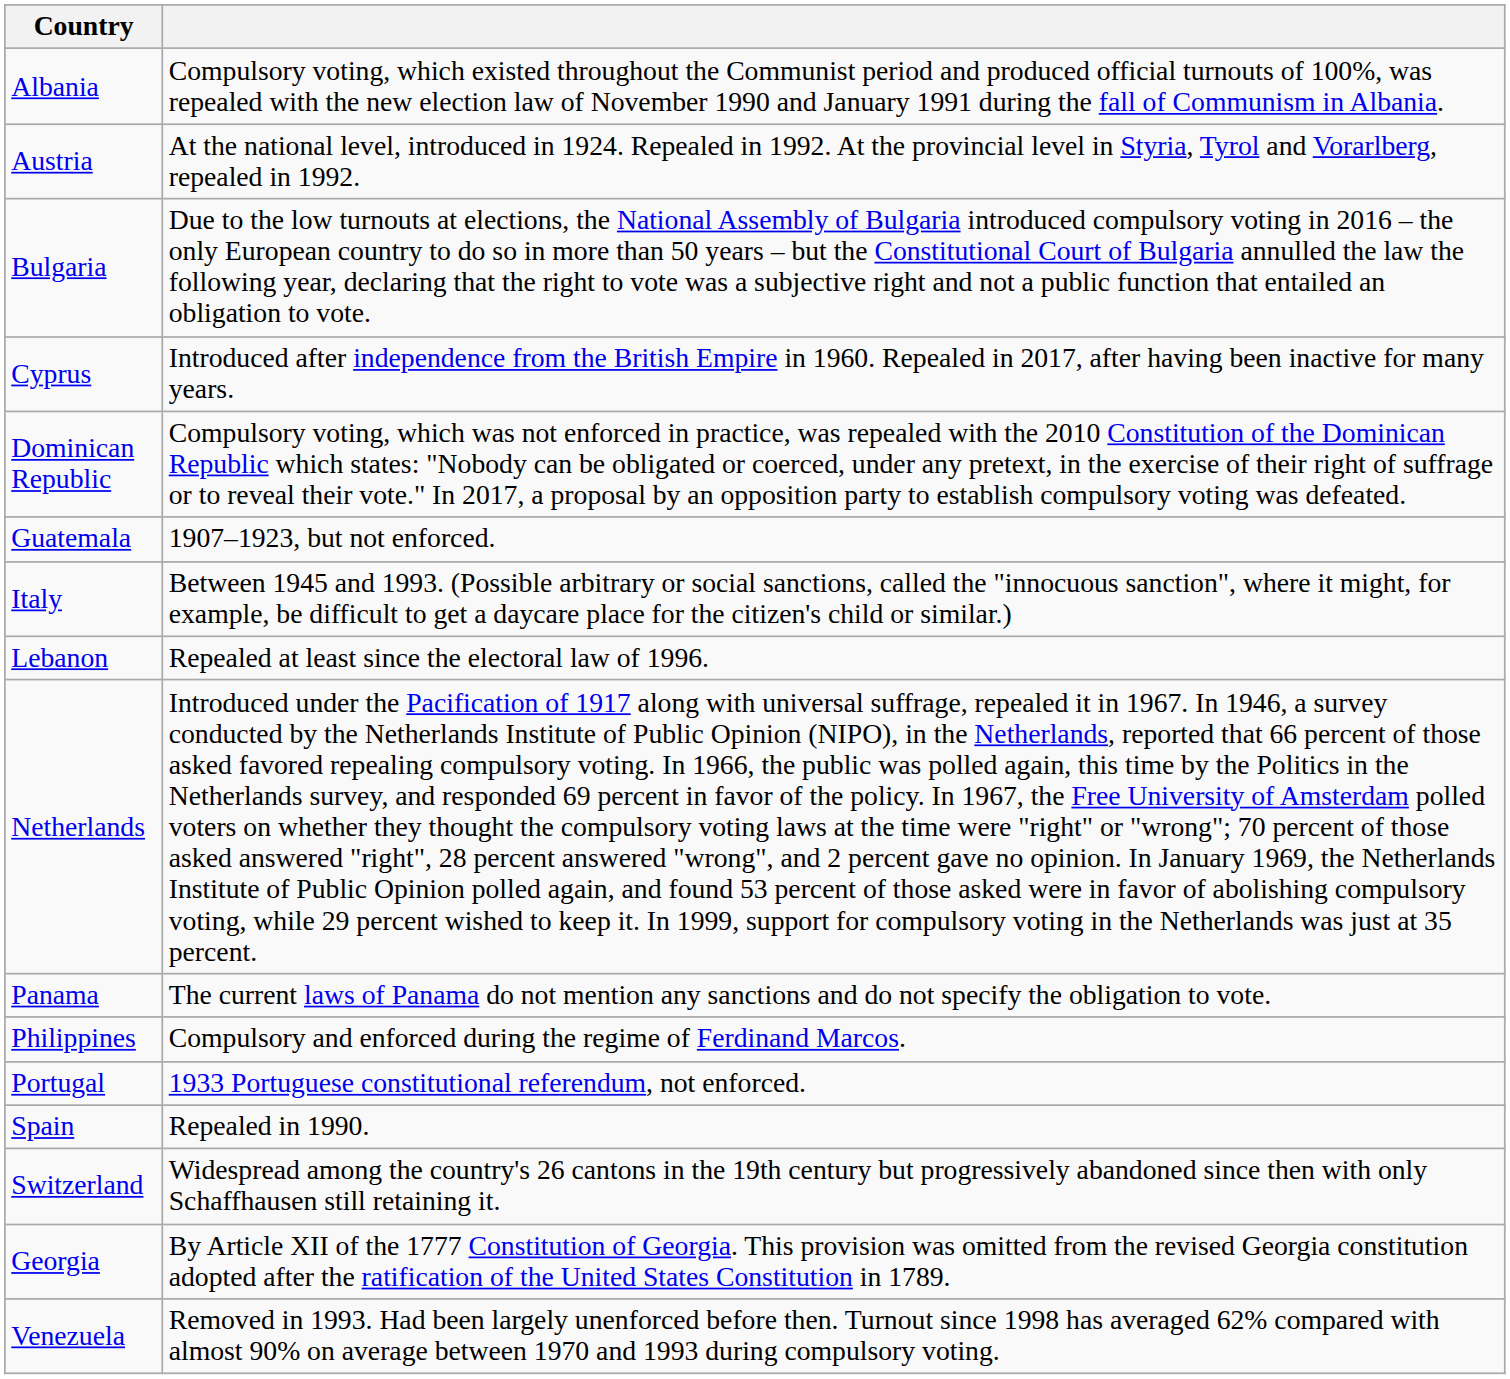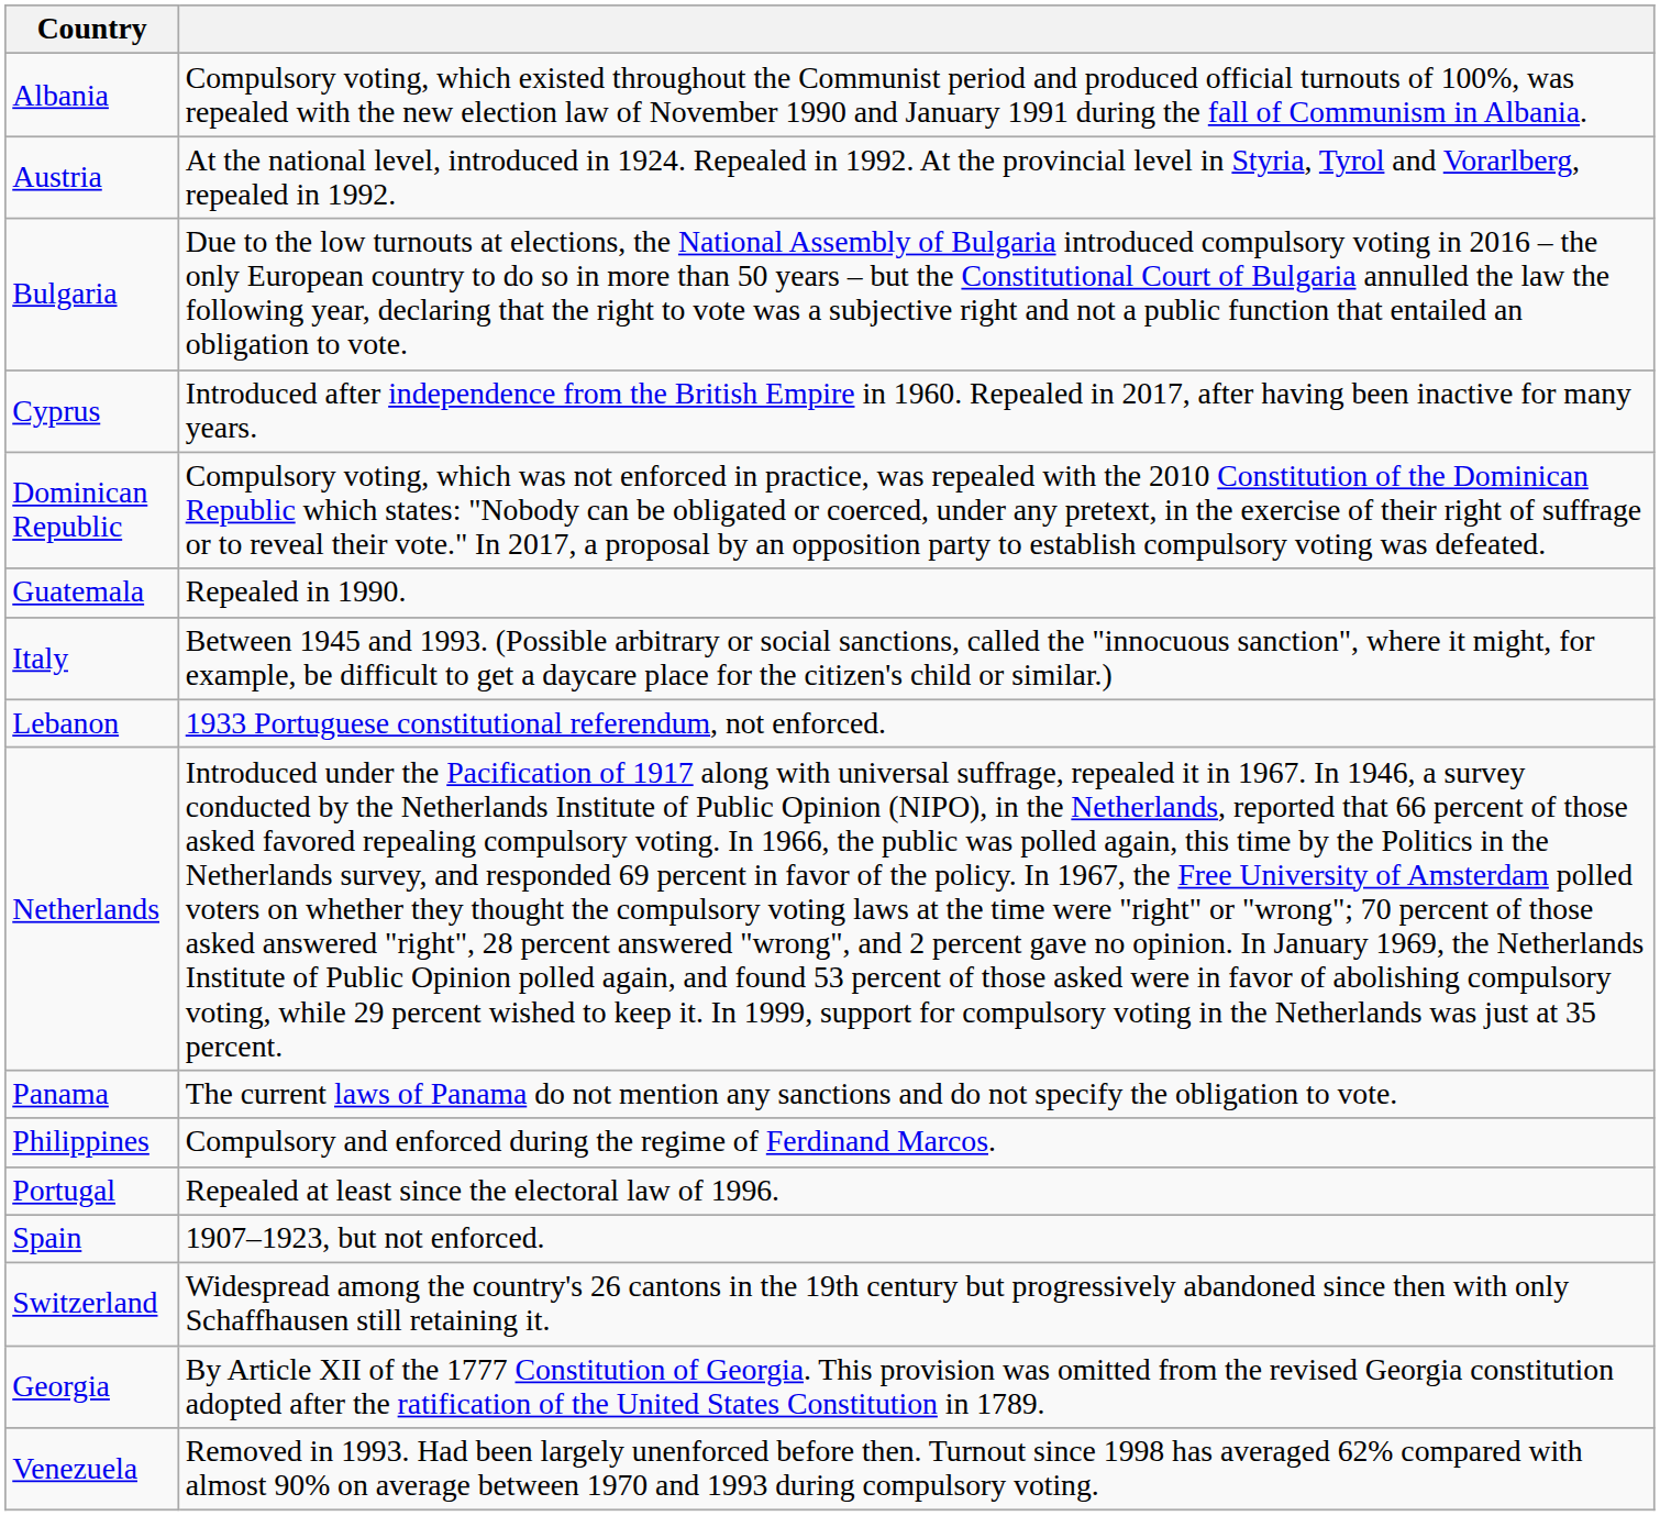 <table class="wikitable">
 <tr>
 <th>Country</th>
 <th></th>
 </tr>
 <tr>
 <td> <a href='#'>Albania</a></td>
 <td>Compulsory voting, which existed throughout the Communist period and produced official turnouts of 100%, was repealed with the new election law of November 1990 and January 1991 during the <a href='#'>fall of Communism in Albania</a>.</td>
 </tr>
 <tr>
 <td> <a href='#'>Austria</a></td>
 <td>At the national level, introduced in 1924. Repealed in 1992. At the provincial level in <a href='#'>Styria</a>, <a href='#'>Tyrol</a> and <a href='#'>Vorarlberg</a>, repealed in 1992.</td>
 </tr>
 <tr>
 <td> <a href='#'>Bulgaria</a></td>
 <td>Due to the low turnouts at elections, the <a href='#'>National Assembly of Bulgaria</a> introduced compulsory voting in 2016 – the only European country to do so in more than 50 years – but the <a href='#'>Constitutional Court of Bulgaria</a> annulled the law the following year, declaring that the right to vote was a subjective right and not a public function that entailed an obligation to vote.</td>
 </tr>
 <tr>
 <td> <a href='#'>Cyprus</a></td>
 <td>Introduced after <a href='#'>independence from the British Empire</a> in 1960. Repealed in 2017, after having been inactive for many years.</td>
 </tr>
 <tr>
 <td> <a href='#'>Dominican Republic</a></td>
 <td>Compulsory voting, which was not enforced in practice, was repealed with the 2010 <a href='#'>Constitution of the Dominican Republic</a> which states: "Nobody can be obligated or coerced, under any pretext, in the exercise of their right of suffrage or to reveal their vote." In 2017, a proposal by an opposition party to establish compulsory voting was defeated.</td>
 </tr>
 <tr>
 <td> <a href='#'>Guatemala</a></td>
-<td>1907–1923, but not enforced.</td>
+<td>Repealed in 1990.</td>
 </tr>
 <tr>
 <td> <a href='#'>Italy</a></td>
 <td>Between 1945 and 1993. (Possible arbitrary or social sanctions, called the "innocuous sanction", where it might, for example, be difficult to get a daycare place for the citizen's child or similar.)</td>
 </tr>
 <tr>
 <td> <a href='#'>Lebanon</a></td>
-<td>Repealed at least since the electoral law of 1996.</td>
+<td><a href='#'>1933 Portuguese constitutional referendum</a>, not enforced.</td>
 </tr>
 <tr>
 <td> <a href='#'>Netherlands</a></td>
 <td>Introduced under the <a href='#'>Pacification of 1917</a> along with universal suffrage, repealed it in 1967. In 1946, a survey conducted by the Netherlands Institute of Public Opinion (NIPO), in the <a href='#'>Netherlands</a>, reported that 66 percent of those asked favored repealing compulsory voting. In 1966, the public was polled again, this time by the Politics in the Netherlands survey, and responded 69 percent in favor of the policy. In 1967, the <a href='#'>Free University of Amsterdam</a> polled voters on whether they thought the compulsory voting laws at the time were "right" or "wrong"; 70 percent of those asked answered "right", 28 percent answered "wrong", and 2 percent gave no opinion. In January 1969, the Netherlands Institute of Public Opinion polled again, and found 53 percent of those asked were in favor of abolishing compulsory voting, while 29 percent wished to keep it. In 1999, support for compulsory voting in the Netherlands was just at 35 percent.</td>
 </tr>
 <tr>
 <td> <a href='#'>Panama</a></td>
 <td>The current <a href='#'>laws of Panama</a> do not mention any sanctions and do not specify the obligation to vote.</td>
 </tr>
 <tr>
 <td> <a href='#'>Philippines</a></td>
 <td>Compulsory and enforced during the regime of <a href='#'>Ferdinand Marcos</a>.</td>
 </tr>
 <tr>
 <td> <a href='#'>Portugal</a></td>
-<td><a href='#'>1933 Portuguese constitutional referendum</a>, not enforced.</td>
+<td>Repealed at least since the electoral law of 1996.</td>
 </tr>
 <tr>
 <td> <a href='#'>Spain</a></td>
-<td>Repealed in 1990.</td>
+<td>1907–1923, but not enforced.</td>
 </tr>
 <tr>
 <td> <a href='#'>Switzerland</a></td>
 <td>Widespread among the country's 26 cantons in the 19th century but progressively abandoned since then with only Schaffhausen still retaining it.</td>
 </tr>
 <tr>
 <td> <a href='#'>Georgia</a></td>
 <td>By Article XII of the 1777 <a href='#'>Constitution of Georgia</a>. This provision was omitted from the revised Georgia constitution adopted after the <a href='#'>ratification of the United States Constitution</a> in 1789.</td>
 </tr>
 <tr>
 <td> <a href='#'>Venezuela</a></td>
 <td>Removed in 1993. Had been largely unenforced before then. Turnout since 1998 has averaged 62% compared with almost 90% on average between 1970 and 1993 during compulsory voting.</td>
 </tr>
 </table>
